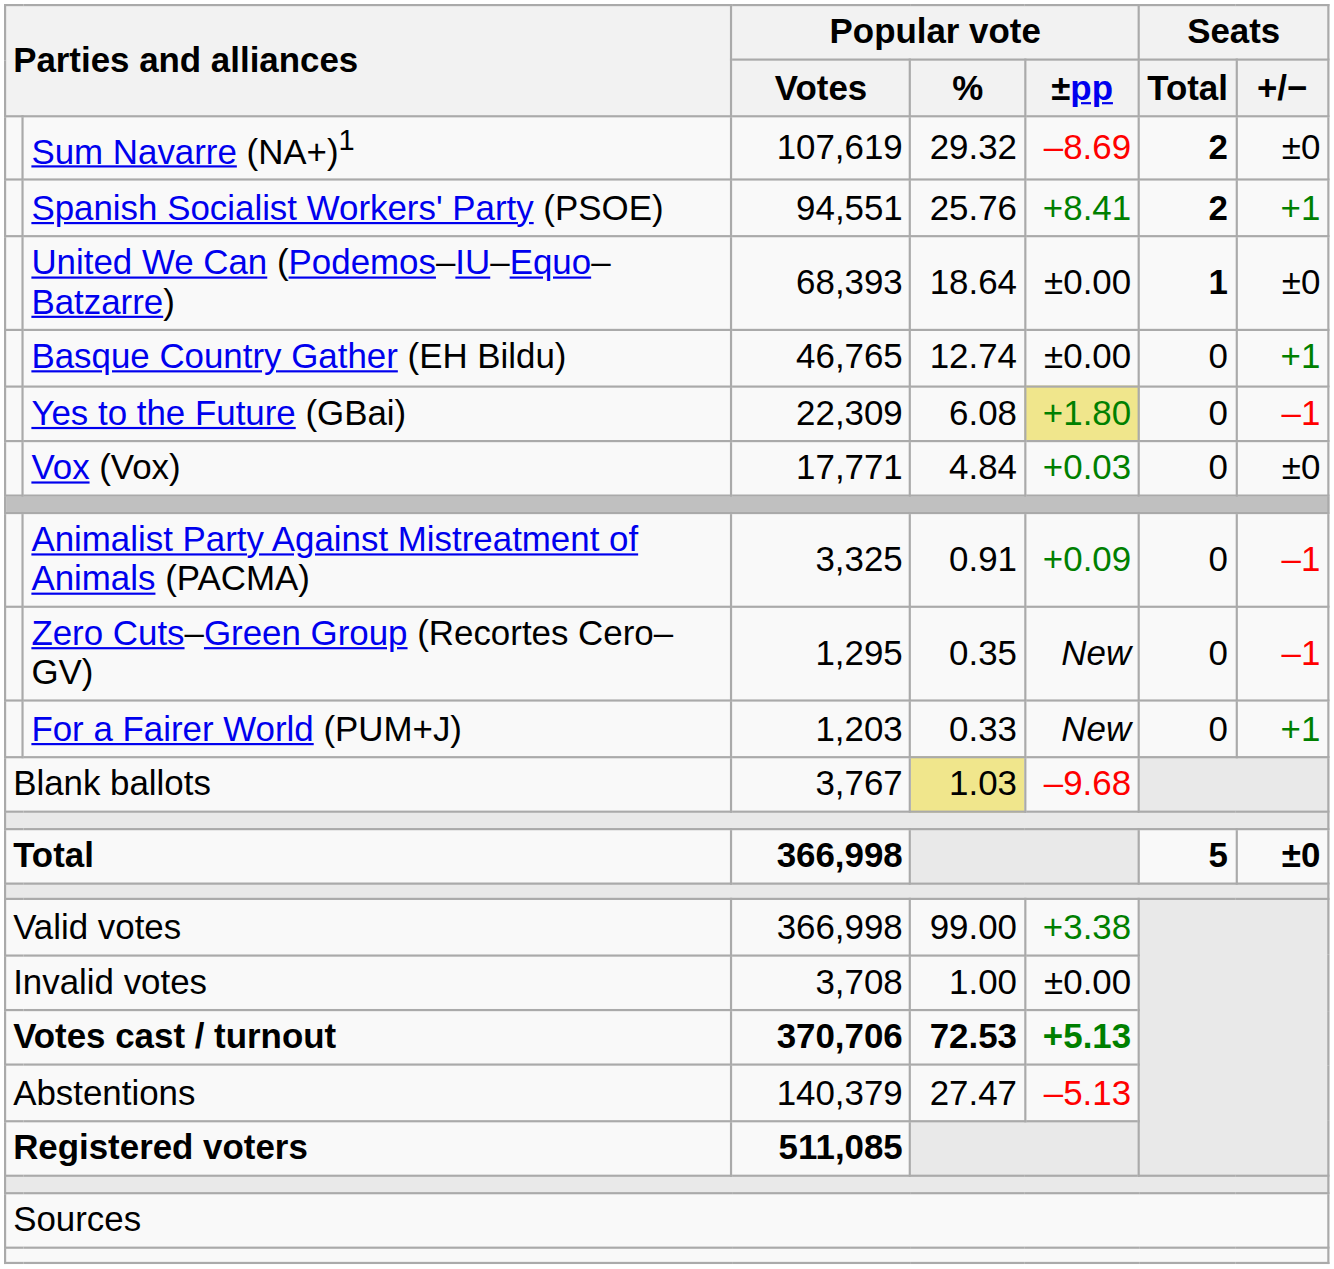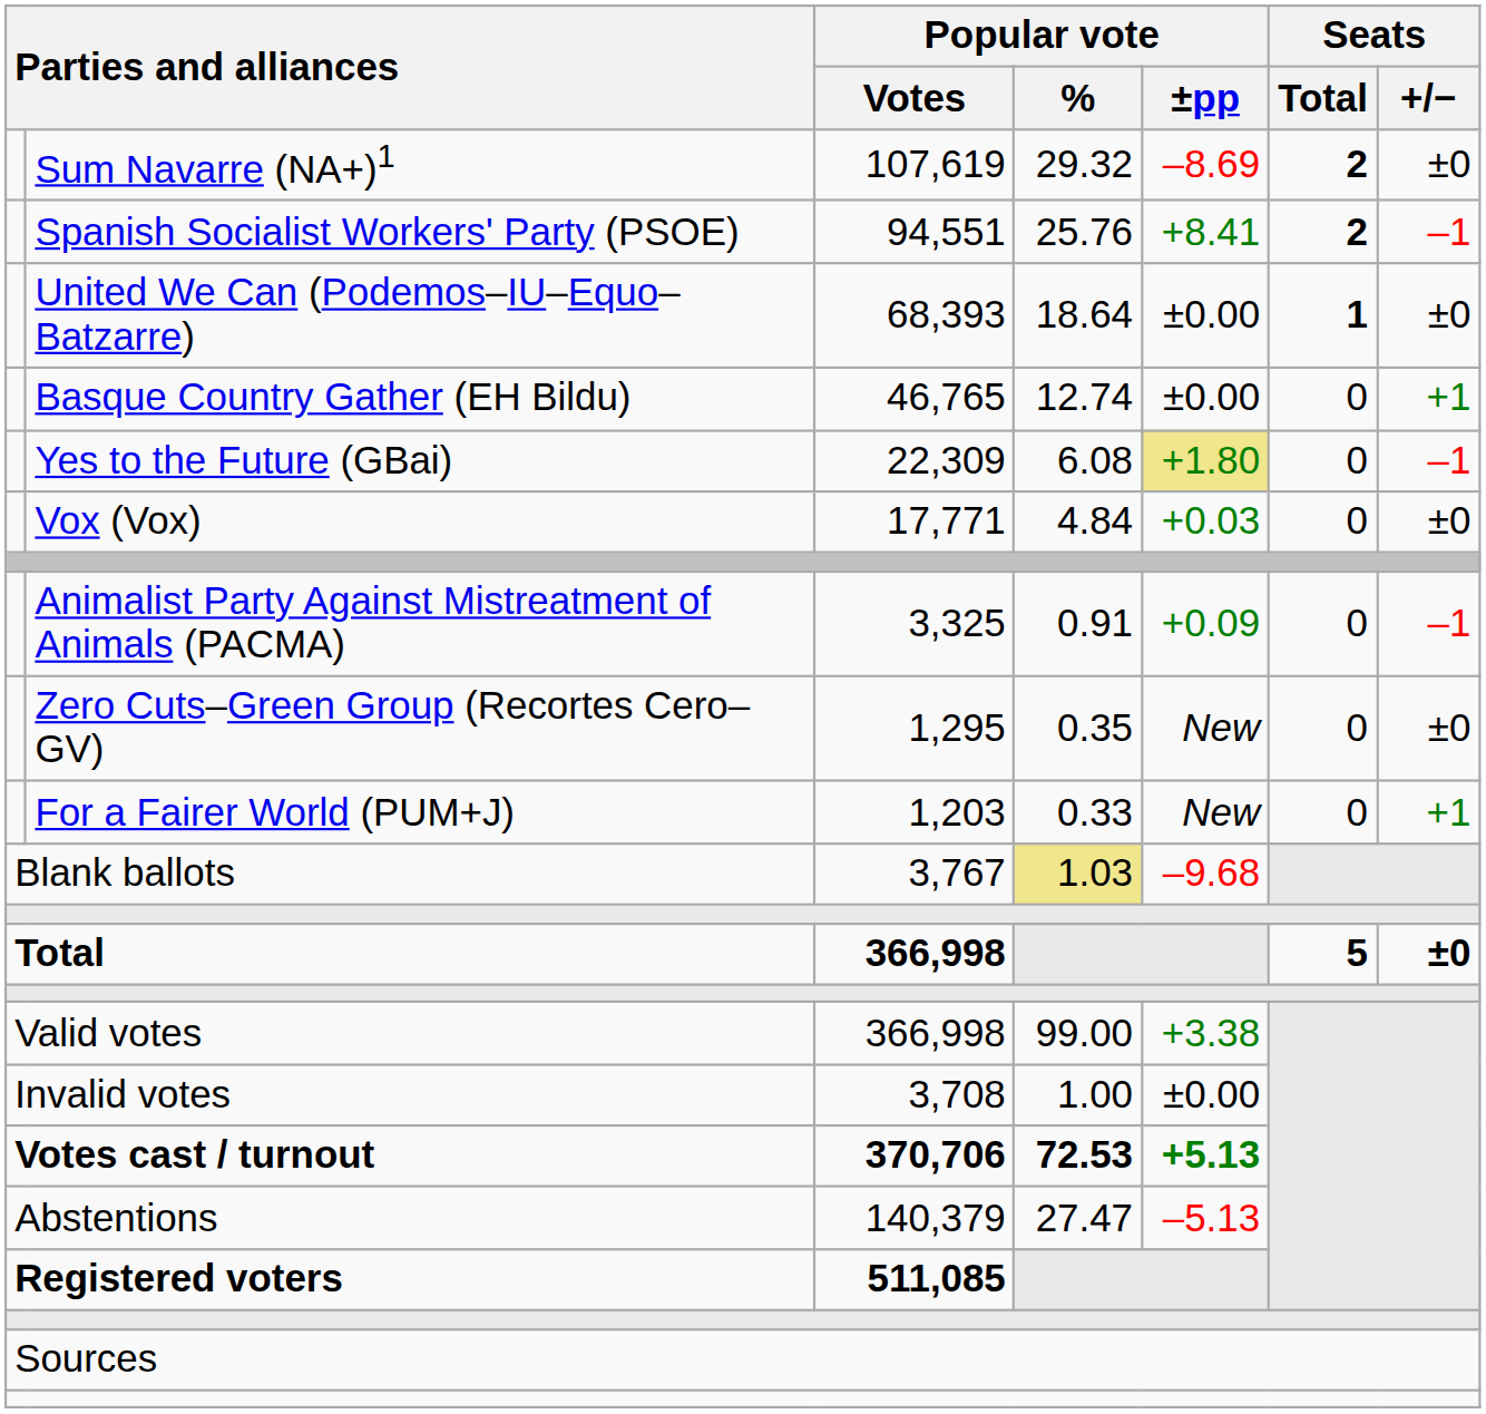 <table class="wikitable" style="text-align:right;">
 <tr>
 <th style="text-align:left;" rowspan="2" colspan="2" width="525">Parties and alliances</th>
 <th colspan="3">Popular vote</th>
 <th colspan="2">Seats</th>
 </tr>
 <tr>
 <th width="75">Votes</th>
 <th width="45">%</th>
 <th width="45">±<a href='#'>pp</a></th>
 <th width="35">Total</th>
 <th width="35">+/−</th>
 </tr>
 <tr>
 <td width="1" style="color:inherit;background:"></td>
 <td align="left"><a href='#'>Sum Navarre</a> (NA+)<sup>1</sup></td>
 <td>107,619</td>
 <td>29.32</td>
 <td style="color:red;">–8.69</td>
 <td><strong>2</strong></td>
 <td>±0</td>
 </tr>
 <tr>
 <td style="color:inherit;background:"></td>
 <td align="left"><a href='#'>Spanish Socialist Workers' Party</a> (PSOE)</td>
 <td>94,551</td>
 <td>25.76</td>
 <td style="color:green;">+8.41</td>
 <td><strong>2</strong></td>
-<td style="color:green;">+1</td>
+<td style="color:red;">–1</td>
 </tr>
 <tr>
 <td style="color:inherit;background:"></td>
 <td align="left"><a href='#'>United We Can</a> (<a href='#'>Podemos</a>–<a href='#'>IU</a>–<a href='#'>Equo</a>–<a href='#'>Batzarre</a>)</td>
 <td>68,393</td>
 <td>18.64</td>
 <td>±0.00</td>
 <td><strong>1</strong></td>
 <td>±0</td>
 </tr>
 <tr>
 <td style="color:inherit;background:"></td>
 <td align="left"><a href='#'>Basque Country Gather</a> (EH Bildu)</td>
 <td>46,765</td>
 <td>12.74</td>
 <td>±0.00</td>
 <td>0</td>
 <td style="color:green;">+1</td>
 </tr>
 <tr>
 <td style="color:inherit;background:"></td>
 <td align="left"><a href='#'>Yes to the Future</a> (GBai)</td>
 <td>22,309</td>
 <td>6.08</td>
 <td style="background: khaki; color:green;">+1.80</td>
 <td>0</td>
 <td style="color:red;">–1</td>
 </tr>
 <tr>
 <td style="color:inherit;background:"></td>
 <td align="left"><a href='#'>Vox</a> (Vox)</td>
 <td>17,771</td>
 <td>4.84</td>
 <td style="color:green;">+0.03</td>
 <td>0</td>
 <td>±0</td>
 </tr>
 <tr>
 <td colspan="7" bgcolor="#C0C0C0"></td>
 </tr>
 <tr>
 <td style="color:inherit;background:"></td>
 <td align="left"><a href='#'>Animalist Party Against Mistreatment of Animals</a> (PACMA)</td>
 <td>3,325</td>
 <td>0.91</td>
 <td style="color:green;">+0.09</td>
 <td>0</td>
 <td style="color:red;">–1</td>
 </tr>
 <tr>
 <td style="color:inherit;background:"></td>
 <td align="left"><a href='#'>Zero Cuts</a>–<a href='#'>Green Group</a> (Recortes Cero–GV)</td>
 <td>1,295</td>
 <td>0.35</td>
 <td><em>New</em></td>
 <td>0</td>
-<td style="color:red;">–1</td>
+<td>±0</td>
 </tr>
 <tr>
 <td style="color:inherit;background:"></td>
 <td align="left"><a href='#'>For a Fairer World</a> (PUM+J)</td>
 <td>1,203</td>
 <td>0.33</td>
 <td><em>New</em></td>
 <td>0</td>
 <td style="color:green;">+1</td>
 </tr>
 <tr>
 <td align="left" colspan="2">Blank ballots</td>
 <td>3,767</td>
 <td style="background: khaki;">1.03</td>
 <td style="color:red;">–9.68</td>
 <td bgcolor="#E9E9E9" colspan="2"></td>
 </tr>
 <tr>
 <td colspan="7" bgcolor="#E9E9E9"></td>
 </tr>
 <tr style="font-weight:bold;">
 <td align="left" colspan="2">Total</td>
 <td>366,998</td>
 <td bgcolor="#E9E9E9" colspan="2"></td>
 <td>5</td>
 <td>±0</td>
 </tr>
 <tr>
 <td colspan="7" bgcolor="#E9E9E9"></td>
 </tr>
 <tr>
 <td align="left" colspan="2">Valid votes</td>
 <td>366,998</td>
 <td>99.00</td>
 <td style="color:green;">+3.38</td>
 <td bgcolor="#E9E9E9" colspan="2" rowspan="5"></td>
 </tr>
 <tr>
 <td align="left" colspan="2">Invalid votes</td>
 <td>3,708</td>
 <td>1.00</td>
 <td>±0.00</td>
 </tr>
 <tr style="font-weight:bold;">
 <td align="left" colspan="2">Votes cast / turnout</td>
 <td>370,706</td>
 <td>72.53</td>
 <td style="color:green;">+5.13</td>
 </tr>
 <tr>
 <td align="left" colspan="2">Abstentions</td>
 <td>140,379</td>
 <td>27.47</td>
 <td style="color:red;">–5.13</td>
 </tr>
 <tr style="font-weight:bold;">
 <td align="left" colspan="2">Registered voters</td>
 <td>511,085</td>
 <td bgcolor="#E9E9E9" colspan="2"></td>
 </tr>
 <tr>
 <td colspan="7" bgcolor="#E9E9E9"></td>
 </tr>
 <tr>
 <td align="left" colspan="7">Sources</td>
 </tr>
 <tr>
 <td colspan="7" style="text-align:left; max-width:790px;"></td>
 </tr>
 </table>
